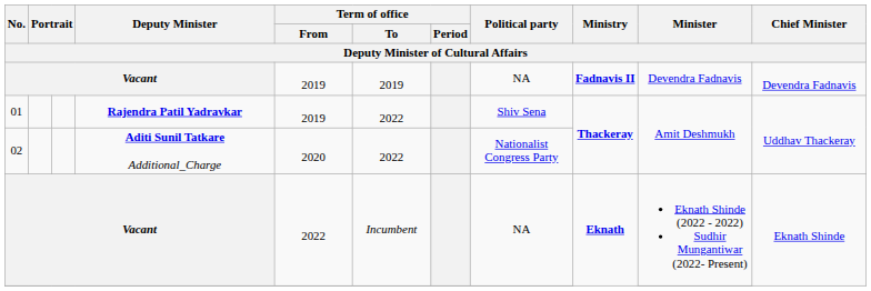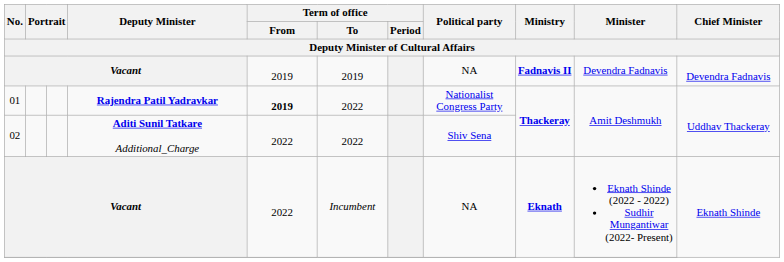 <table class="wikitable" style="text-align:center">
 <tr>
 <th rowspan="2">No.</th>
 <th rowspan="2" colspan="2">Portrait</th>
 <th rowspan="2" style="width:16em">Deputy Minister<br></th>
 <th colspan="3">Term of office</th>
 <th rowspan="2" style="width:8em">Political party</th>
 <th rowspan="2">Ministry</th>
 <th rowspan="2" style="width:9em">Minister</th>
 <th rowspan="2" style="width:9em">Chief Minister</th>
 </tr>
 <tr>
 <th style="width:6em">From</th>
 <th style="width:6em">To</th>
 <th>Period</th>
 </tr>
 <tr>
 <th colspan="11">Deputy Minister of Cultural Affairs</th>
 </tr>
 <tr>
 <th colspan="04"><strong><em> Vacant</em></strong></th>
 <td><br>2019</td>
 <td><br>2019</td>
 <th></th>
 <td>NA</td>
 <td rowspan="1"><a href='#'><strong>Fadnavis II</strong></a></td>
 <td><a href='#'>Devendra Fadnavis</a></td>
 <td rowspan="1"> <br><a href='#'>Devendra Fadnavis</a></td>
 </tr>
 <tr>
 <td>01</td>
 <td style="color:inherit;background:"></td>
 <td></td>
 <td><strong><a href='#'>Rajendra Patil Yadravkar</a></strong> <br> </td>
-<td><br>2019</td>
+<td><strong><br>2019</strong></td>
 <td><br>2022</td>
 <th></th>
-<td><a href='#'>Shiv Sena</a></td>
+<td><a href='#'>Nationalist Congress Party</a></td>
 <td rowspan="2"><a href='#'><strong>Thackeray</strong></a></td>
 <td rowspan="2"><a href='#'>Amit Deshmukh</a></td>
 <td rowspan="2"> <br><a href='#'>Uddhav Thackeray</a></td>
 </tr>
 <tr>
 <td>02</td>
 <td style="color:inherit;background:"></td>
 <td></td>
 <td><strong><a href='#'>Aditi Sunil Tatkare</a></strong> <br> <br><em>Additional_Charge</em></td>
-<td><br>2020</td>
+<td><br>2022</td>
 <td><br>2022</td>
 <th></th>
-<td><a href='#'>Nationalist Congress Party</a></td>
+<td><a href='#'>Shiv Sena</a></td>
 </tr>
 <tr>
 <th colspan="04"><strong><em>Vacant</em></strong></th>
 <td><br>2022</td>
 <td><em>Incumbent</em></td>
 <th></th>
 <td>NA</td>
 <td rowspan="2"><a href='#'><strong>Eknath</strong></a></td>
 <td><br><ul><li><a href='#'>Eknath Shinde</a><br>(2022 - 2022)</li><li><a href='#'>Sudhir Mungantiwar</a><br> (2022- Present)</li></ul></td>
 <td rowspan="2"> <br><a href='#'>Eknath Shinde</a></td>
 </tr>
 <tr>
 </tr>
 </table>
